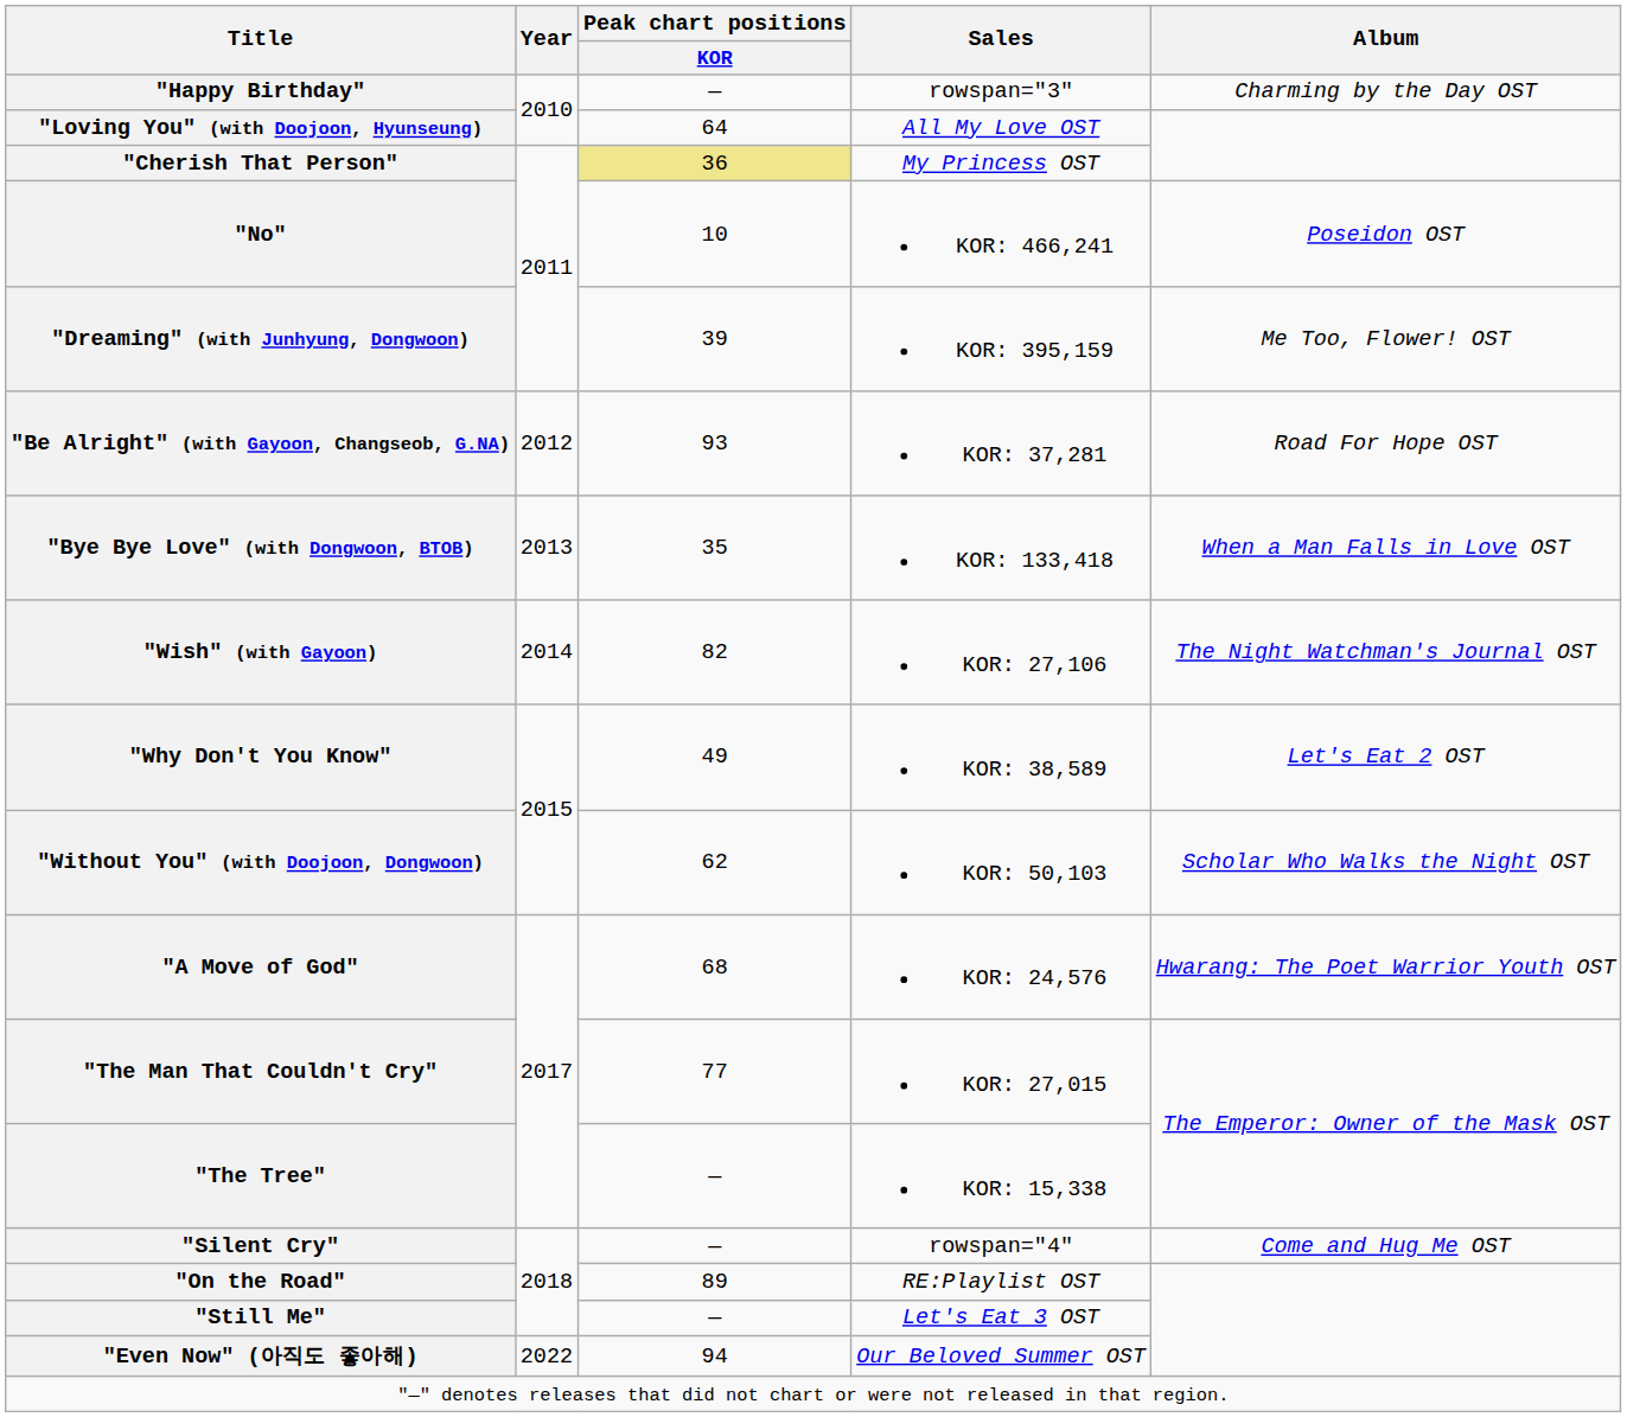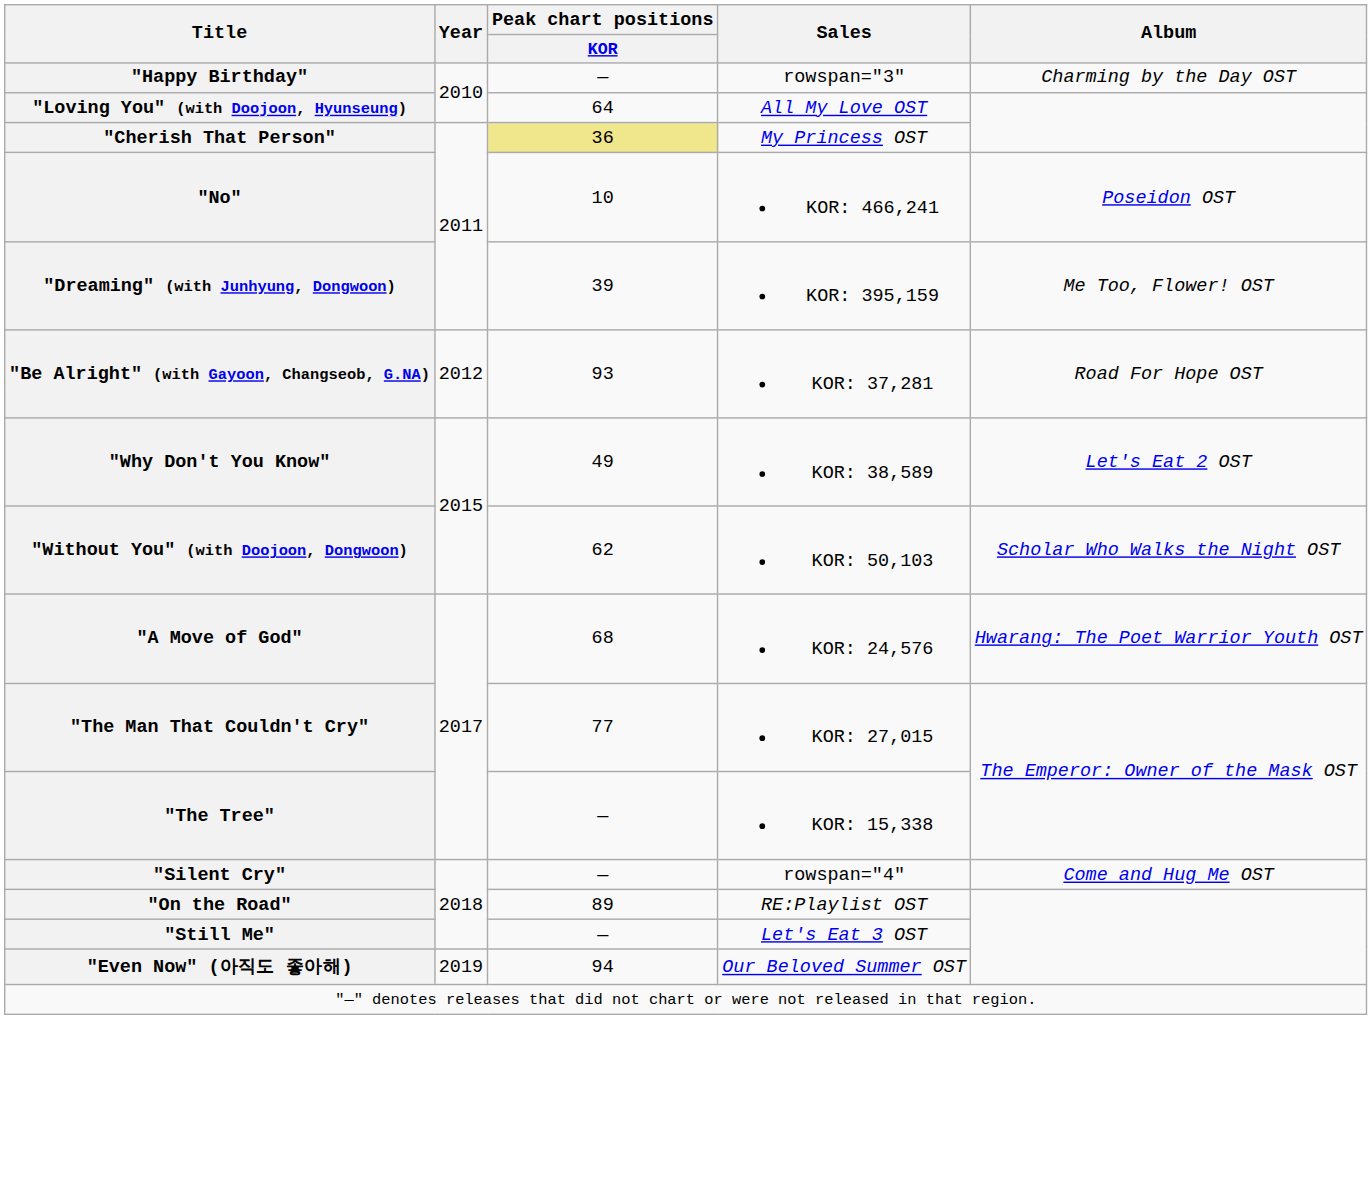 <table class="wikitable plainrowheaders" style="text-align:center;">
 <tr>
 <th scope="col" rowspan="2">Title</th>
 <th scope="col" rowspan="2">Year</th>
 <th scope="col">Peak chart positions</th>
 <th scope="col" rowspan="2">Sales</th>
 <th scope="col" rowspan="2">Album</th>
 </tr>
 <tr>
 <th style="width=3em;font-size:90%"><a href='#'>KOR</a><br></th>
 </tr>
 <tr>
 <th scope="row">"Happy Birthday"</th>
 <td rowspan="2">2010</td>
 <td>—</td>
 <td>rowspan="3" </td>
 <td><em>Charming by the Day OST</em></td>
 </tr>
 <tr>
 <th scope="row">"Loving You" <small>(with <a href='#'>Doojoon</a>, <a href='#'>Hyunseung</a>)</small></th>
 <td>64</td>
 <td><em><a href='#'>All My Love OST</a></em></td>
 </tr>
 <tr>
 <th scope="row">"Cherish That Person"</th>
 <td rowspan="3">2011</td>
 <td style="background: khaki;">36</td>
 <td><em><a href='#'>My Princess</a> OST</em></td>
 </tr>
 <tr>
 <th scope="row">"No"</th>
 <td>10</td>
 <td><br><ul><li>KOR: 466,241</li></ul></td>
 <td><em><a href='#'>Poseidon</a> OST</em></td>
 </tr>
 <tr>
 <th scope="row">"Dreaming" <small>(with <a href='#'>Junhyung</a>, <a href='#'>Dongwoon</a>)</small></th>
 <td>39</td>
 <td><br><ul><li>KOR: 395,159</li></ul></td>
 <td><em>Me Too, Flower! OST</em></td>
 </tr>
 <tr>
 <th scope="row">"Be Alright" <small>(with <a href='#'>Gayoon</a>, Changseob, <a href='#'>G.NA</a>)</small></th>
 <td>2012</td>
 <td>93</td>
 <td><br><ul><li>KOR: 37,281</li></ul></td>
 <td><em>Road For Hope OST</em></td>
-</tr>
-<tr>
-<th scope="row">"Bye Bye Love" <small>(with <a href='#'>Dongwoon</a>, <a href='#'>BTOB</a>)</small></th>
-<td>2013</td>
-<td>35</td>
-<td><br><ul><li>KOR: 133,418</li></ul></td>
-<td><em><a href='#'>When a Man Falls in Love</a> OST</em></td>
-</tr>
-<tr>
-<th scope="row">"Wish" <small>(with <a href='#'>Gayoon</a>)</small></th>
-<td>2014</td>
-<td>82</td>
-<td><br><ul><li>KOR: 27,106</li></ul></td>
-<td><em><a href='#'>The Night Watchman's Journal</a> OST</em></td>
 </tr>
 <tr>
 <th scope="row">"Why Don't You Know"</th>
 <td rowspan="2">2015</td>
 <td>49</td>
 <td><br><ul><li>KOR: 38,589</li></ul></td>
 <td><em><a href='#'>Let's Eat 2</a> OST</em></td>
 </tr>
 <tr>
 <th scope="row">"Without You" <small>(with <a href='#'>Doojoon</a>, <a href='#'>Dongwoon</a>)</small></th>
 <td>62</td>
 <td><br><ul><li>KOR: 50,103</li></ul></td>
 <td><em><a href='#'>Scholar Who Walks the Night</a> OST</em></td>
 </tr>
 <tr>
 <th scope="row">"A Move of God"</th>
 <td rowspan="3">2017</td>
 <td>68</td>
 <td><br><ul><li>KOR: 24,576</li></ul></td>
 <td><em><a href='#'>Hwarang: The Poet Warrior Youth</a> OST</em></td>
 </tr>
 <tr>
 <th scope="row">"The Man That Couldn't Cry"</th>
 <td>77</td>
 <td><br><ul><li>KOR: 27,015</li></ul></td>
 <td rowspan="2"><em><a href='#'>The Emperor: Owner of the Mask</a> OST </em></td>
 </tr>
 <tr>
 <th scope="row">"The Tree"</th>
 <td>—</td>
 <td><br><ul><li>KOR: 15,338</li></ul></td>
 </tr>
 <tr>
 <th scope="row">"Silent Cry"</th>
 <td rowspan="3">2018</td>
 <td>—</td>
 <td>rowspan="4" </td>
 <td><em><a href='#'>Come and Hug Me</a> OST</em></td>
 </tr>
 <tr>
 <th scope="row">"On the Road"</th>
 <td>89</td>
 <td><em>RE:Playlist OST</em></td>
 </tr>
 <tr>
 <th scope="row">"Still Me"</th>
 <td>—</td>
 <td><em><a href='#'>Let's Eat 3</a> OST</em></td>
 </tr>
 <tr>
 <th scope="row">"Even Now" (아직도 좋아해)</th>
-<td>2022</td>
+<td>2019</td>
 <td>94</td>
 <td><em><a href='#'>Our Beloved Summer</a> OST</em></td>
 </tr>
 <tr>
 <td colspan="5"><small>"—" denotes releases that did not chart or were not released in that region.</small></td>
 </tr>
 </table>
